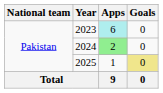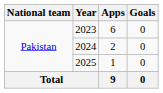 <table class="wikitable" style="text-align:center">
 <tr>
 <th>National team</th>
 <th>Year</th>
 <th>Apps</th>
 <th>Goals</th>
 </tr>
 <tr>
 <td rowspan="3"><a href='#'>Pakistan</a></td>
 <td>2023</td>
-<td style="background: paleturquoise;">6</td>
+<td>6</td>
 <td>0</td>
 </tr>
 <tr>
 <td>2024</td>
-<td style="background: lightgreen;">2</td>
+<td>2</td>
 <td>0</td>
 </tr>
 <tr>
 <td>2025</td>
 <td>1</td>
-<td style="background: khaki;">0</td>
+<td>0</td>
 </tr>
 <tr>
 <th colspan="2">Total</th>
 <th>9</th>
 <th>0</th>
 </tr>
 </table>
